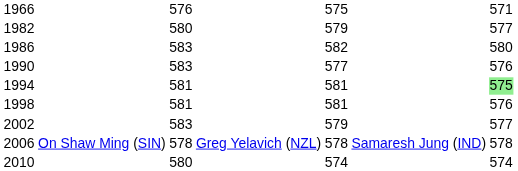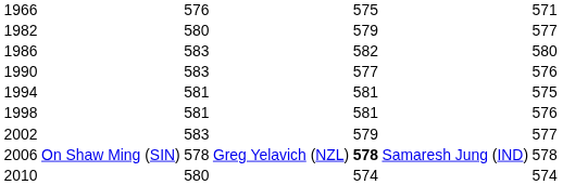 <table>
 <tr>
 <td>1966</td>
 <td></td>
 <td>576</td>
 <td></td>
 <td>575</td>
 <td></td>
 <td>571</td>
 </tr>
 <tr>
 <td>1982</td>
 <td></td>
 <td>580</td>
 <td></td>
 <td>579</td>
 <td></td>
 <td>577</td>
 </tr>
 <tr>
 <td>1986</td>
 <td></td>
 <td>583</td>
 <td></td>
 <td>582</td>
 <td></td>
 <td>580</td>
 </tr>
 <tr>
 <td>1990</td>
 <td></td>
 <td>583</td>
 <td></td>
 <td>577</td>
 <td></td>
 <td>576</td>
 </tr>
 <tr>
 <td>1994</td>
 <td></td>
 <td>581</td>
 <td></td>
 <td>581</td>
 <td></td>
-<td style="background: lightgreen;">575</td>
+<td>575</td>
 </tr>
 <tr>
 <td>1998</td>
 <td></td>
 <td>581</td>
 <td></td>
 <td>581</td>
 <td></td>
 <td>576</td>
 </tr>
 <tr>
 <td>2002</td>
 <td></td>
 <td>583</td>
 <td></td>
 <td>579</td>
 <td></td>
 <td>577</td>
 </tr>
 <tr>
 <td>2006</td>
 <td> <a href='#'>On Shaw Ming</a> (<a href='#'>SIN</a>)</td>
 <td>578</td>
 <td> <a href='#'>Greg Yelavich</a> (<a href='#'>NZL</a>)</td>
-<td>578</td>
+<td><strong>578</strong></td>
 <td> <a href='#'>Samaresh Jung</a> (<a href='#'>IND</a>)</td>
 <td>578</td>
 </tr>
 <tr>
 <td>2010<br></td>
 <td></td>
 <td>580</td>
 <td></td>
 <td>574</td>
 <td></td>
 <td>574</td>
 </tr>
 </table>
